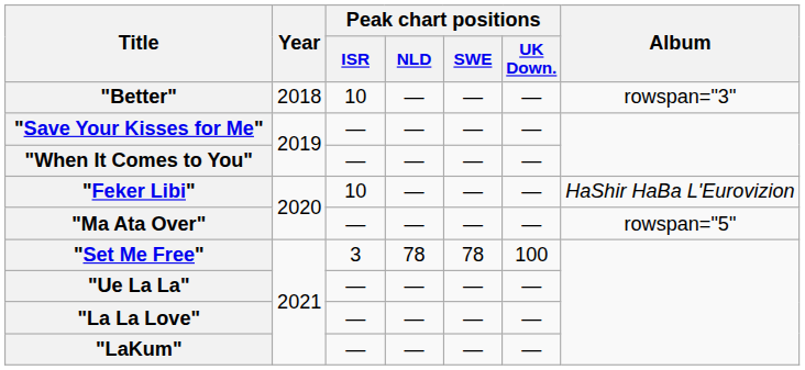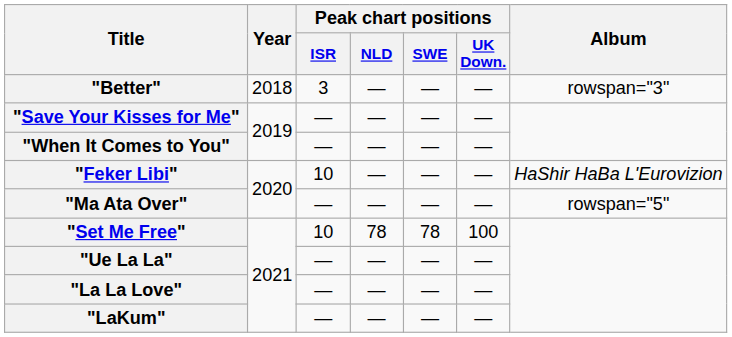 <table class="wikitable plainrowheaders" style="text-align:center;">
 <tr>
 <th scope="col" rowspan="2" style="width:13em;">Title</th>
 <th scope="col" rowspan="2" style="width:1em;">Year</th>
 <th scope="col" colspan="4">Peak chart positions</th>
 <th scope="col" rowspan="2">Album</th>
 </tr>
 <tr>
 <th scope="col" style="width:3em;font-size:85%;"><a href='#'>ISR</a><br></th>
 <th scope="col" style="width:3em;font-size:85%;"><a href='#'>NLD</a><br></th>
 <th scope="col" style="width:3em;font-size:85%;"><a href='#'>SWE</a><br></th>
 <th scope="col" style="width:3em;font-size:85%;"><a href='#'>UK<br>Down.</a><br></th>
 </tr>
 <tr>
 <th scope="row">"Better"</th>
 <td>2018</td>
-<td>10</td>
+<td>3</td>
 <td>—</td>
 <td>—</td>
 <td>—</td>
 <td>rowspan="3" </td>
 </tr>
 <tr>
 <th scope="row">"<a href='#'>Save Your Kisses for Me</a>"</th>
 <td rowspan="2">2019</td>
 <td>—</td>
 <td>—</td>
 <td>—</td>
 <td>—</td>
 </tr>
 <tr>
 <th scope="row">"When It Comes to You"</th>
 <td>—</td>
 <td>—</td>
 <td>—</td>
 <td>—</td>
 </tr>
 <tr>
 <th scope="row">"<a href='#'>Feker Libi</a>"</th>
 <td rowspan="2">2020</td>
 <td>10</td>
 <td>—</td>
 <td>—</td>
 <td>—</td>
 <td><em>HaShir HaBa L'Eurovizion</em></td>
 </tr>
 <tr>
 <th scope="row">"Ma Ata Over"</th>
 <td>—</td>
 <td>—</td>
 <td>—</td>
 <td>—</td>
 <td>rowspan="5" </td>
 </tr>
 <tr>
 <th scope="row">"<a href='#'>Set Me Free</a>"</th>
 <td rowspan="4">2021</td>
-<td>3</td>
+<td>10</td>
 <td>78</td>
 <td>78</td>
 <td>100</td>
 </tr>
 <tr>
 <th scope="row">"Ue La La"</th>
 <td>—</td>
 <td>—</td>
 <td>—</td>
 <td>—</td>
 </tr>
 <tr>
 <th scope="row">"La La Love"</th>
 <td>—</td>
 <td>—</td>
 <td>—</td>
 <td>—</td>
 </tr>
 <tr>
 <th scope="row">"LaKum"</th>
 <td>—</td>
 <td>—</td>
 <td>—</td>
 <td>—</td>
 </tr>
 </table>
